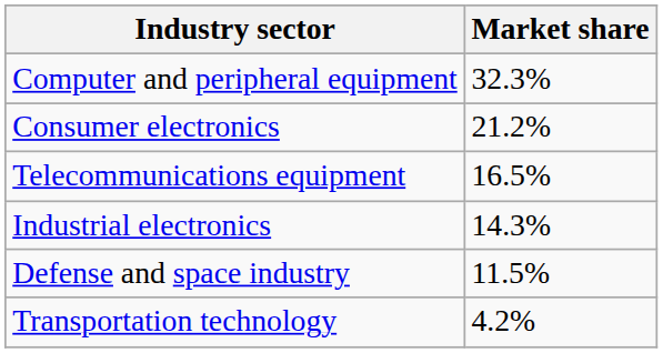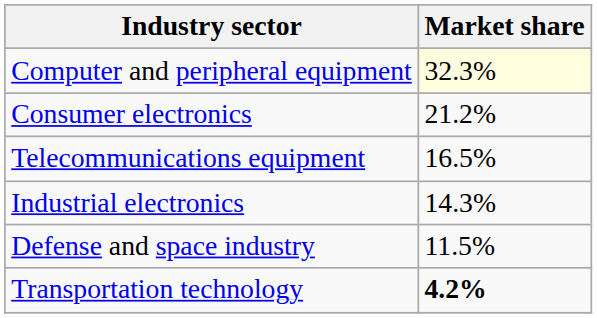 <table class="wikitable sortable">
 <tr>
 <th>Industry sector</th>
 <th>Market share</th>
 </tr>
 <tr>
 <td><a href='#'>Computer</a> and <a href='#'>peripheral equipment</a></td>
-<td>32.3%</td>
+<td style="background: lightyellow;">32.3%</td>
 </tr>
 <tr>
 <td><a href='#'>Consumer electronics</a></td>
 <td>21.2%</td>
 </tr>
 <tr>
 <td><a href='#'>Telecommunications equipment</a></td>
 <td>16.5%</td>
 </tr>
 <tr>
 <td><a href='#'>Industrial electronics</a></td>
 <td>14.3%</td>
 </tr>
 <tr>
 <td><a href='#'>Defense</a> and <a href='#'>space industry</a></td>
 <td>11.5%</td>
 </tr>
 <tr>
 <td><a href='#'>Transportation technology</a></td>
-<td>4.2%</td>
+<td><strong>4.2%</strong></td>
 </tr>
 </table>
